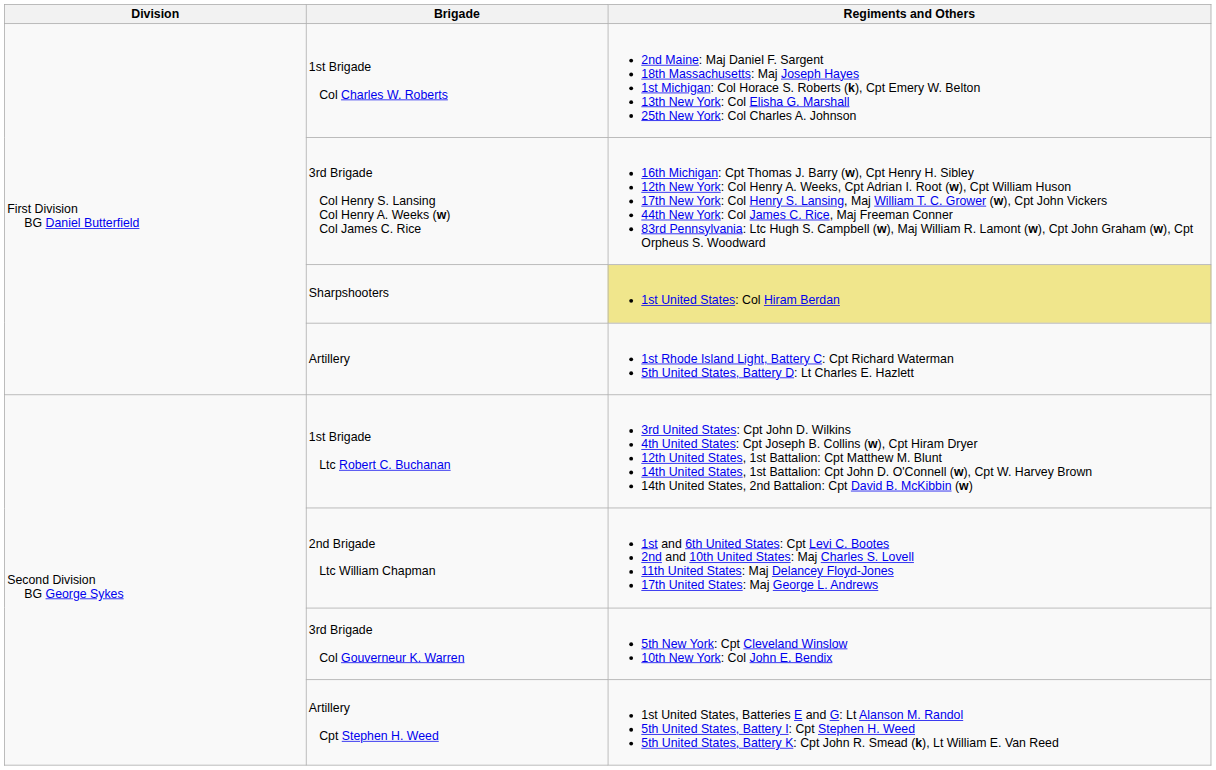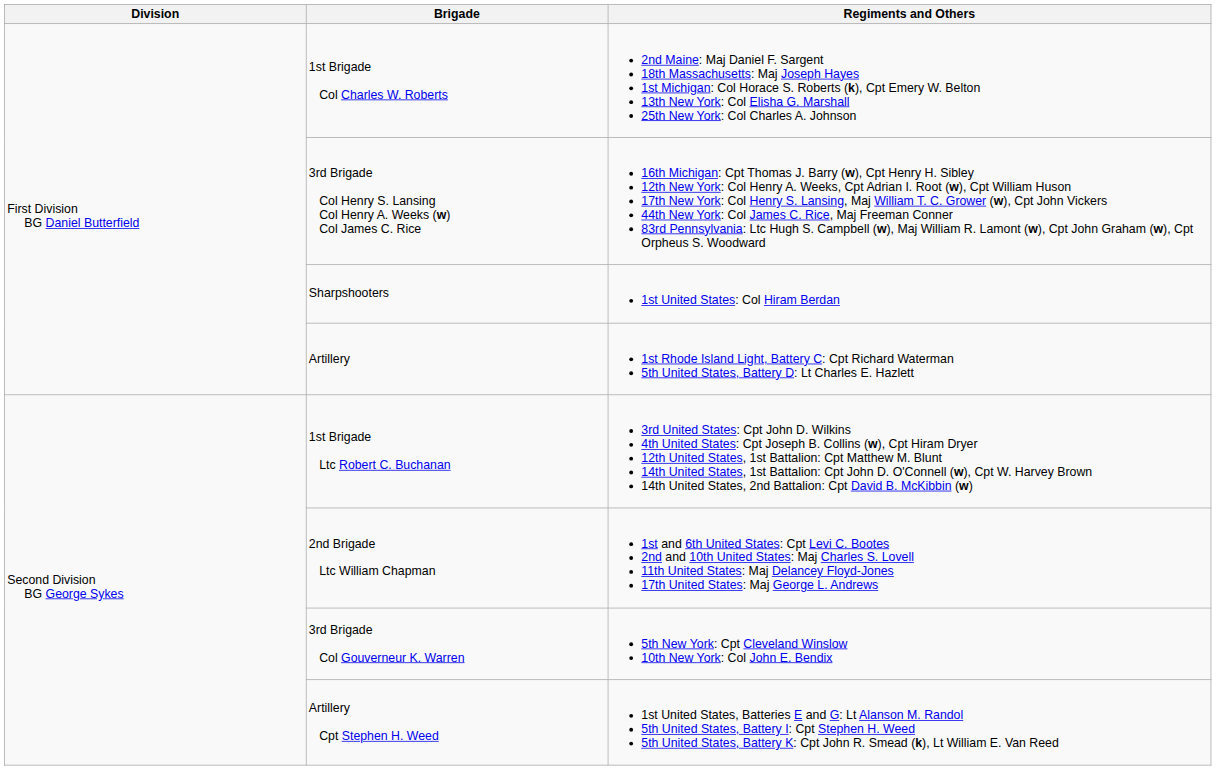 <table class="wikitable">
 <tr>
 <th width=25%>Division</th>
 <th width=25%>Brigade</th>
 <th>Regiments and Others</th>
 </tr>
 <tr>
 <td rowspan=4><br>First Division <br>     BG <a href='#'>Daniel Butterfield</a></td>
 <td>1st Brigade<br><br>   Col <a href='#'>Charles W. Roberts</a></td>
 <td><br><ul><li><a href='#'>2nd Maine</a>: Maj Daniel F. Sargent</li><li><a href='#'>18th Massachusetts</a>: Maj <a href='#'>Joseph Hayes</a></li><li><a href='#'>1st Michigan</a>: Col Horace S. Roberts (<strong>k</strong>), Cpt Emery W. Belton</li><li><a href='#'>13th New York</a>: Col <a href='#'>Elisha G. Marshall</a></li><li><a href='#'>25th New York</a>: Col Charles A. Johnson</li></ul></td>
 </tr>
 <tr>
 <td>3rd Brigade<br><br>   Col Henry S. Lansing <br>   Col Henry A. Weeks (<strong>w</strong>) <br>   Col James C. Rice</td>
 <td><br><ul><li><a href='#'>16th Michigan</a>: Cpt Thomas J. Barry (<strong>w</strong>), Cpt Henry H. Sibley</li><li><a href='#'>12th New York</a>: Col Henry A. Weeks, Cpt Adrian I. Root (<strong>w</strong>), Cpt William Huson</li><li><a href='#'>17th New York</a>: Col <a href='#'>Henry S. Lansing</a>, Maj <a href='#'>William T. C. Grower</a> (<strong>w</strong>), Cpt John Vickers</li><li><a href='#'>44th New York</a>: Col <a href='#'>James C. Rice</a>, Maj Freeman Conner</li><li><a href='#'>83rd Pennsylvania</a>: Ltc Hugh S. Campbell (<strong>w</strong>), Maj William R. Lamont (<strong>w</strong>), Cpt John Graham (<strong>w</strong>), Cpt Orpheus S. Woodward</li></ul></td>
 </tr>
 <tr>
 <td>Sharpshooters</td>
-<td style="background: khaki;"><br><ul><li><a href='#'>1st United States</a>: Col <a href='#'>Hiram Berdan</a></li></ul></td>
+<td><br><ul><li><a href='#'>1st United States</a>: Col <a href='#'>Hiram Berdan</a></li></ul></td>
 </tr>
 <tr>
 <td>Artillery</td>
 <td><br><ul><li><a href='#'>1st Rhode Island Light, Battery C</a>: Cpt Richard Waterman</li><li><a href='#'>5th United States, Battery D</a>: Lt Charles E. Hazlett</li></ul></td>
 </tr>
 <tr>
 <td rowspan=4><br>Second Division <br>     BG <a href='#'>George Sykes</a></td>
 <td>1st Brigade<br><br>   Ltc <a href='#'>Robert C. Buchanan</a></td>
 <td><br><ul><li><a href='#'>3rd United States</a>: Cpt John D. Wilkins</li><li><a href='#'>4th United States</a>: Cpt Joseph B. Collins (<strong>w</strong>), Cpt Hiram Dryer</li><li><a href='#'>12th United States</a>, 1st Battalion: Cpt Matthew M. Blunt</li><li><a href='#'>14th United States</a>, 1st Battalion: Cpt John D. O'Connell (<strong>w</strong>), Cpt W. Harvey Brown</li><li>14th United States, 2nd Battalion: Cpt <a href='#'>David B. McKibbin</a> (<strong>w</strong>)</li></ul></td>
 </tr>
 <tr>
 <td>2nd Brigade<br><br>   Ltc William Chapman</td>
 <td><br><ul><li><a href='#'>1st</a> and <a href='#'>6th United States</a>: Cpt <a href='#'>Levi C. Bootes</a></li><li><a href='#'>2nd</a> and <a href='#'>10th United States</a>: Maj <a href='#'>Charles S. Lovell</a></li><li><a href='#'>11th United States</a>: Maj <a href='#'>Delancey Floyd-Jones</a></li><li><a href='#'>17th United States</a>: Maj <a href='#'>George L. Andrews</a></li></ul></td>
 </tr>
 <tr>
 <td>3rd Brigade<br><br>   Col <a href='#'>Gouverneur K. Warren</a></td>
 <td><br><ul><li><a href='#'>5th New York</a>: Cpt <a href='#'>Cleveland Winslow</a></li><li><a href='#'>10th New York</a>: Col <a href='#'>John E. Bendix</a></li></ul></td>
 </tr>
 <tr>
 <td>Artillery<br><br>   Cpt <a href='#'>Stephen H. Weed</a></td>
 <td><br><ul><li>1st United States, Batteries <a href='#'>E</a> and <a href='#'>G</a>: Lt <a href='#'>Alanson M. Randol</a></li><li><a href='#'>5th United States, Battery I</a>: Cpt <a href='#'>Stephen H. Weed</a></li><li><a href='#'>5th United States, Battery K</a>: Cpt John R. Smead (<strong>k</strong>), Lt William E. Van Reed</li></ul></td>
 </tr>
 </table>
